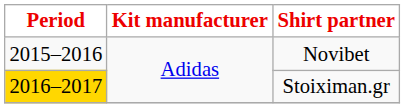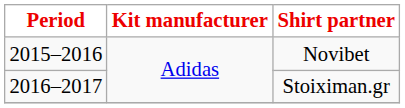 <table class="wikitable" style="text-align: center">
 <tr>
 <th style="color:#ED0000; background:#FFFFFF;">Period</th>
 <th style="color:#ED0000; background:#FFFFFF;">Kit manufacturer</th>
 <th style="color:#ED0000; background:#FFFFFF;">Shirt partner</th>
 </tr>
 <tr>
 <td>2015–2016</td>
 <td rowspan=2><a href='#'>Adidas</a></td>
 <td>Novibet</td>
 </tr>
 <tr>
-<td style="background: gold;">2016–2017</td>
+<td>2016–2017</td>
 <td>Stoiximan.gr</td>
 </tr>
 <tr>
 </tr>
 </table>
